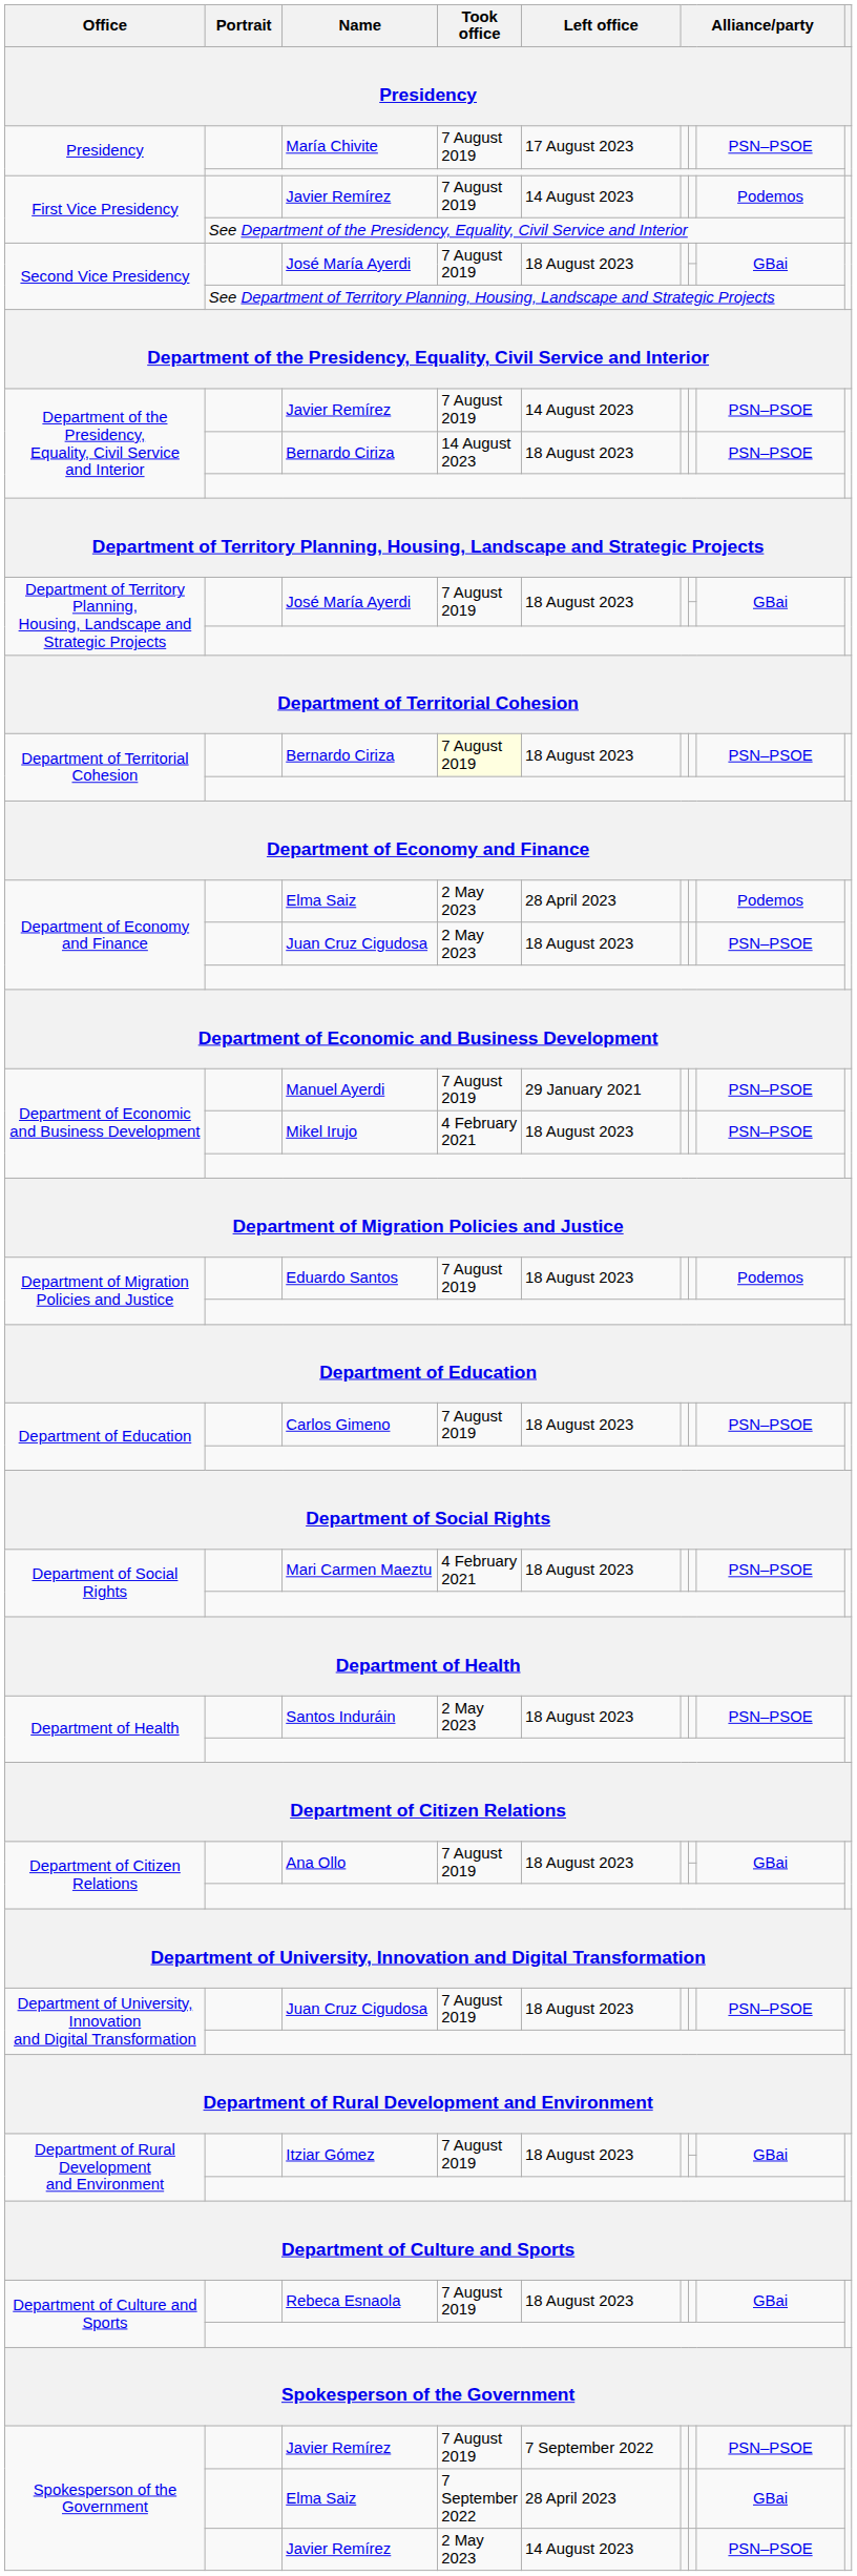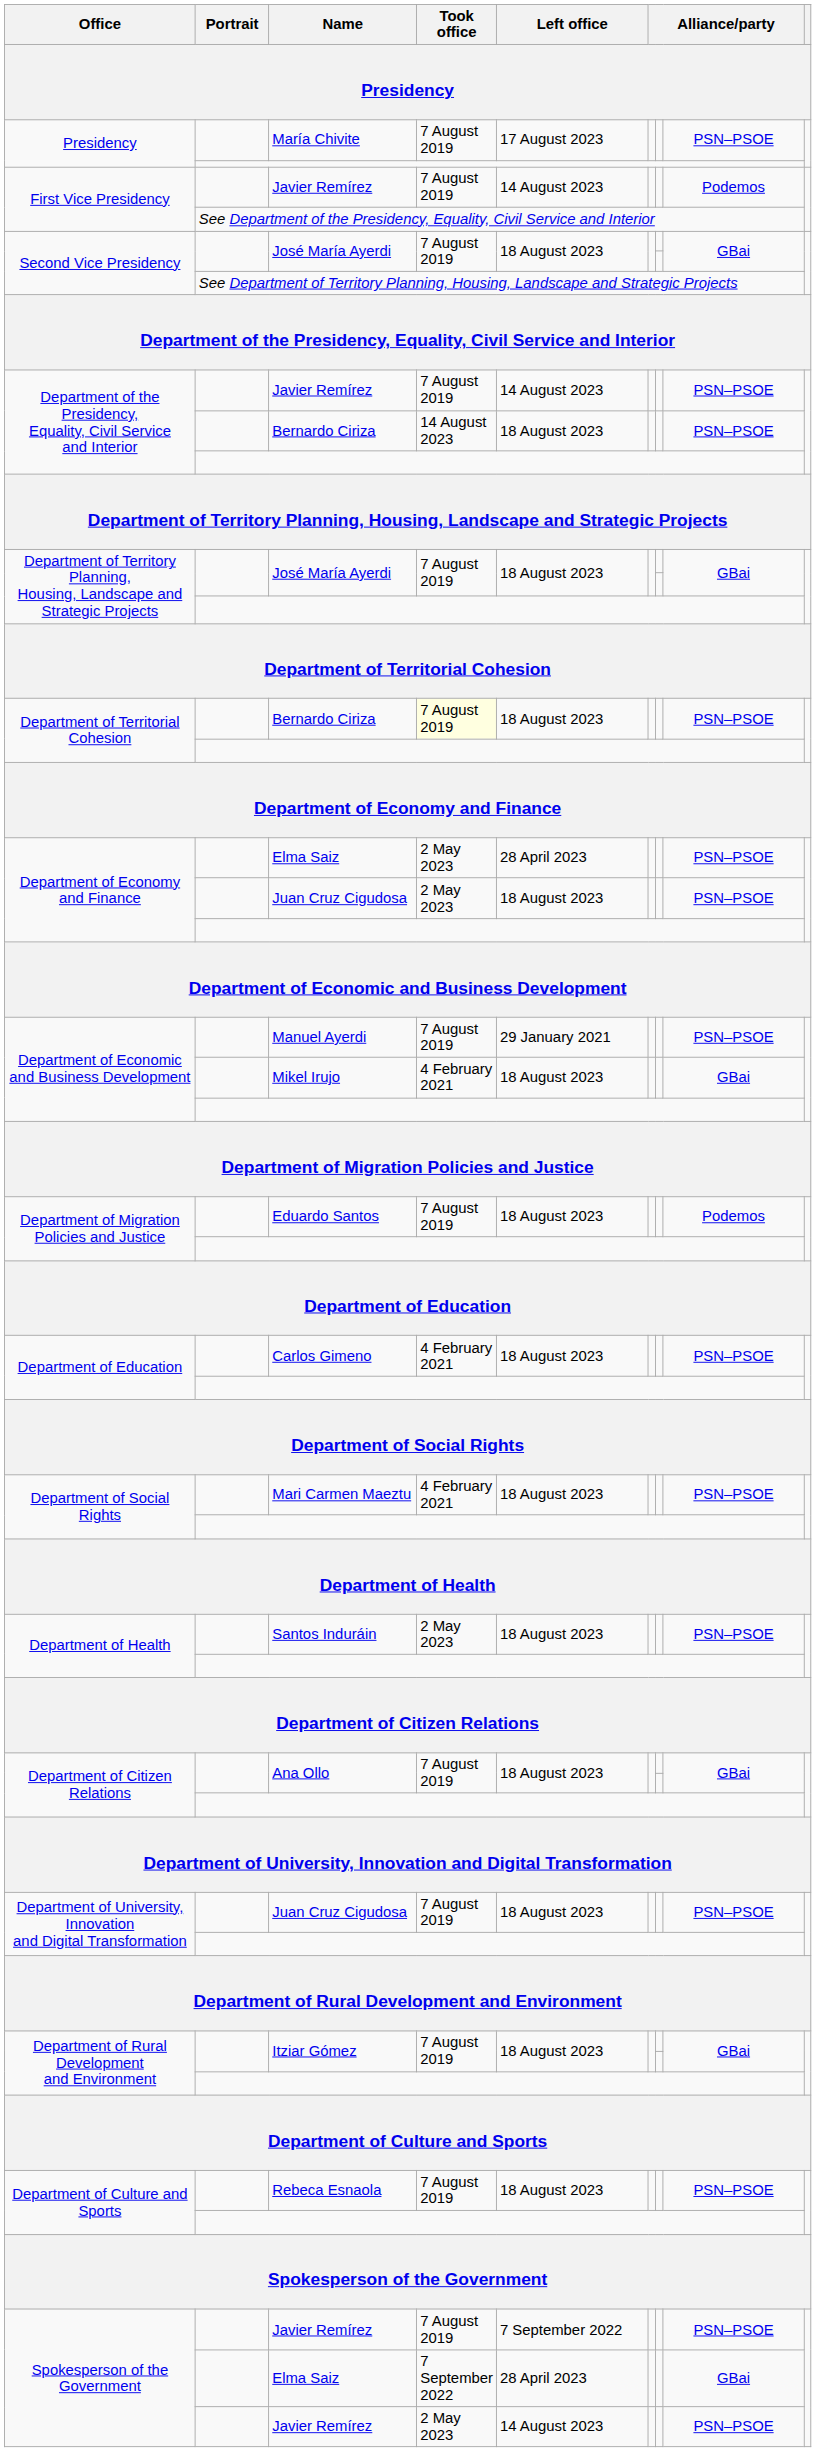 <table class="wikitable" style="line-height:18px;">
 <tr>
 <th scope="col">Office<br></th>
 <th scope="col">Portrait</th>
 <th scope="col">Name</th>
 <th scope="col">Took office</th>
 <th scope="col">Left office</th>
 <th colspan="3" scope="col">Alliance/party</th>
 <th></th>
 </tr>
 <tr>
 <th colspan="9"><br><h3><a href='#'>Presidency</a></h3></th>
 </tr>
 <tr>
 <td align="center" rowspan="2" width="250"><a href='#'>Presidency</a><br></td>
 <td width="80"></td>
 <td width="200"><a href='#'>María Chivite</a></td>
 <td>7 August 2019</td>
 <td width="200">17 August 2023</td>
 <td width="1" style="color:inherit;background-color:"></td>
 <td width="1" style="background-color:"></td>
 <td width="175" align="center"><a href='#'>PSN–PSOE</a></td>
 <td align="center" rowspan="2"></td>
 </tr>
 <tr>
 <td colspan="7"></td>
 </tr>
 <tr>
 <td align="center" rowspan="2"><a href='#'>First Vice Presidency</a><br></td>
 <td></td>
 <td><a href='#'>Javier Remírez</a></td>
 <td>7 August 2019</td>
 <td>14 August 2023<br></td>
 <td style="color:inherit;background-color:"></td>
 <td style="background-color:"></td>
 <td align="center"><a href='#'>Podemos</a></td>
 <td align="center" rowspan="2"></td>
 </tr>
 <tr>
 <td colspan="7"><em>See <a href='#'>Department of the Presidency, Equality, Civil Service and Interior</a></em></td>
 </tr>
 <tr>
 <td align="center" rowspan="3"><a href='#'>Second Vice Presidency</a><br></td>
 <td rowspan="2"></td>
 <td rowspan="2"><a href='#'>José María Ayerdi</a></td>
 <td rowspan="2">7 August 2019</td>
 <td rowspan="2">18 August 2023</td>
 <td rowspan="2" style="color:inherit;background-color:"></td>
 <td style="color:inherit;background-color:"></td>
 <td align="center" rowspan="2"><a href='#'>GBai</a><br></td>
 <td align="center" rowspan="3"></td>
 </tr>
 <tr>
 <td style="color:inherit;background-color:"></td>
 </tr>
 <tr>
 <td colspan="7"><em>See <a href='#'>Department of Territory Planning, Housing, Landscape and Strategic Projects</a></em></td>
 </tr>
 <tr>
 <th colspan="9"><br><h3><a href='#'>Department of the Presidency, Equality, Civil Service and Interior</a></h3></th>
 </tr>
 <tr>
 <td align="center" rowspan="3"><a href='#'>Department of the Presidency,<br>Equality, Civil Service<br>and Interior</a><br></td>
 <td></td>
 <td><a href='#'>Javier Remírez</a></td>
 <td>7 August 2019</td>
 <td>14 August 2023<br></td>
 <td style="color:inherit;background-color:"></td>
 <td style="background-color:"></td>
 <td align="center"><a href='#'>PSN–PSOE</a></td>
 <td align="center" rowspan="3"><br><br></td>
 </tr>
 <tr>
 <td></td>
 <td><a href='#'>Bernardo Ciriza</a><br></td>
 <td>14 August 2023</td>
 <td>18 August 2023</td>
 <td style="color:inherit;background-color:"></td>
 <td style="background-color:"></td>
 <td align="center"><a href='#'>PSN–PSOE</a></td>
 </tr>
 <tr>
 <td colspan="7"><br></td>
 </tr>
 <tr>
 <th colspan="9"><br><h3><a href='#'>Department of Territory Planning, Housing, Landscape and Strategic Projects</a></h3></th>
 </tr>
 <tr>
 <td align="center" rowspan="3"><a href='#'>Department of Territory Planning,<br>Housing, Landscape and<br>Strategic Projects</a><br></td>
 <td rowspan="2"></td>
 <td rowspan="2"><a href='#'>José María Ayerdi</a></td>
 <td rowspan="2">7 August 2019</td>
 <td rowspan="2">18 August 2023</td>
 <td rowspan="2" style="color:inherit;background-color:"></td>
 <td style="color:inherit;background-color:"></td>
 <td align="center" rowspan="2"><a href='#'>GBai</a><br></td>
 <td align="center" rowspan="3"><br></td>
 </tr>
 <tr>
 <td style="color:inherit;background-color:"></td>
 </tr>
 <tr>
 <td colspan="7"><br></td>
 </tr>
 <tr>
 <th colspan="9"><br><h3><a href='#'>Department of Territorial Cohesion</a></h3></th>
 </tr>
 <tr>
 <td align="center" rowspan="2"><a href='#'>Department of Territorial Cohesion</a><br></td>
 <td></td>
 <td><a href='#'>Bernardo Ciriza</a></td>
 <td style="background: lightyellow;">7 August 2019</td>
 <td>18 August 2023</td>
 <td style="color:inherit;background-color:"></td>
 <td style="background-color:"></td>
 <td align="center"><a href='#'>PSN–PSOE</a></td>
 <td align="center" rowspan="2"><br><br></td>
 </tr>
 <tr>
 <td colspan="7"><br></td>
 </tr>
 <tr>
 <th colspan="9"><br><h3><a href='#'>Department of Economy and Finance</a></h3></th>
 </tr>
 <tr>
 <td align="center" rowspan="3"><a href='#'>Department of Economy<br>and Finance</a><br></td>
 <td></td>
 <td><a href='#'>Elma Saiz</a></td>
 <td>2 May 2023</td>
 <td>28 April 2023<br></td>
 <td style="color:inherit;background-color:"></td>
 <td style="background-color:"></td>
-<td align="center"><a href='#'>Podemos</a></td>
+<td align="center"><a href='#'>PSN–PSOE</a></td>
 <td align="center" rowspan="3"><br><br><br><br></td>
 </tr>
 <tr>
 <td></td>
 <td><a href='#'>Juan Cruz Cigudosa</a><br></td>
 <td>2 May 2023</td>
 <td>18 August 2023</td>
 <td style="color:inherit;background-color:"></td>
 <td style="background-color:"></td>
 <td align="center"><a href='#'>PSN–PSOE</a></td>
 </tr>
 <tr>
 <td colspan="7"><br>  </td>
 </tr>
 <tr>
 <th colspan="9"><br><h3><a href='#'>Department of Economic and Business Development</a></h3></th>
 </tr>
 <tr>
 <td align="center" rowspan="3"><a href='#'>Department of Economic<br>and Business Development</a><br></td>
 <td></td>
 <td><a href='#'>Manuel Ayerdi</a></td>
 <td>7 August 2019</td>
 <td>29 January 2021<br></td>
 <td style="color:inherit;background-color:"></td>
 <td style="background-color:"></td>
 <td align="center"><a href='#'>PSN–PSOE</a></td>
 <td align="center" rowspan="3"><br><br></td>
 </tr>
 <tr>
 <td></td>
 <td><a href='#'>Mikel Irujo</a></td>
 <td>4 February 2021</td>
 <td>18 August 2023</td>
 <td style="color:inherit;background-color:"></td>
 <td style="background-color:"></td>
-<td align="center"><a href='#'>PSN–PSOE</a><br></td>
+<td align="center"><a href='#'>GBai</a><br></td>
 </tr>
 <tr>
 <td colspan="7"><br></td>
 </tr>
 <tr>
 <th colspan="9"><br><h3><a href='#'>Department of Migration Policies and Justice</a></h3></th>
 </tr>
 <tr>
 <td align="center" rowspan="2"><a href='#'>Department of Migration<br>Policies and Justice</a><br></td>
 <td></td>
 <td><a href='#'>Eduardo Santos</a></td>
 <td>7 August 2019</td>
 <td>18 August 2023</td>
 <td style="color:inherit;background-color:"></td>
 <td style="background-color:"></td>
 <td align="center"><a href='#'>Podemos</a></td>
 <td align="center" rowspan="2"><br></td>
 </tr>
 <tr>
 <td colspan="7"><br></td>
 </tr>
 <tr>
 <th colspan="9"><br><h3><a href='#'>Department of Education</a></h3></th>
 </tr>
 <tr>
 <td align="center" rowspan="2"><a href='#'>Department of Education</a><br></td>
 <td></td>
 <td><a href='#'>Carlos Gimeno</a></td>
-<td>7 August 2019</td>
+<td>4 February 2021</td>
 <td>18 August 2023</td>
 <td style="color:inherit;background-color:"></td>
 <td style="background-color:"></td>
 <td align="center"><a href='#'>PSN–PSOE</a></td>
 <td align="center" rowspan="2"><br></td>
 </tr>
 <tr>
 <td colspan="7"><br></td>
 </tr>
 <tr>
 <th colspan="9"><br><h3><a href='#'>Department of Social Rights</a></h3></th>
 </tr>
 <tr>
 <td align="center" rowspan="2"><a href='#'>Department of Social Rights</a><br></td>
 <td></td>
 <td><a href='#'>Mari Carmen Maeztu</a></td>
 <td>4 February 2021</td>
 <td>18 August 2023</td>
 <td style="color:inherit;background-color:"></td>
 <td style="background-color:"></td>
 <td align="center"><a href='#'>PSN–PSOE</a></td>
 <td align="center" rowspan="2"><br></td>
 </tr>
 <tr>
 <td colspan="7"><br></td>
 </tr>
 <tr>
 <th colspan="9"><br><h3><a href='#'>Department of Health</a></h3></th>
 </tr>
 <tr>
 <td align="center" rowspan="2"><a href='#'>Department of Health</a><br></td>
 <td></td>
 <td><a href='#'>Santos Induráin</a></td>
 <td>2 May 2023</td>
 <td>18 August 2023</td>
 <td style="color:inherit;background-color:"></td>
 <td style="background-color:"></td>
 <td align="center"><a href='#'>PSN–PSOE</a><br></td>
 <td align="center" rowspan="2"><br></td>
 </tr>
 <tr>
 <td colspan="7"><br></td>
 </tr>
 <tr>
 <th colspan="9"><br><h3><a href='#'>Department of Citizen Relations</a></h3></th>
 </tr>
 <tr>
 <td align="center" rowspan="3"><a href='#'>Department of Citizen Relations</a><br></td>
 <td rowspan="2"></td>
 <td rowspan="2"><a href='#'>Ana Ollo</a></td>
 <td rowspan="2">7 August 2019</td>
 <td rowspan="2">18 August 2023</td>
 <td rowspan="2" style="color:inherit;background-color:"></td>
 <td style="color:inherit;background-color:"></td>
 <td align="center" rowspan="2"><a href='#'>GBai</a><br></td>
 <td align="center" rowspan="3"><br></td>
 </tr>
 <tr>
 <td style="color:inherit;background-color:"></td>
 </tr>
 <tr>
 <td colspan="7"><br></td>
 </tr>
 <tr>
 <th colspan="9"><br><h3><a href='#'>Department of University, Innovation and Digital Transformation</a></h3></th>
 </tr>
 <tr>
 <td align="center" rowspan="2"><a href='#'>Department of University, Innovation<br>and Digital Transformation</a><br></td>
 <td></td>
 <td><a href='#'>Juan Cruz Cigudosa</a></td>
 <td>7 August 2019</td>
 <td>18 August 2023</td>
 <td style="color:inherit;background-color:"></td>
 <td style="background-color:"></td>
 <td align="center"><a href='#'>PSN–PSOE</a></td>
 <td align="center" rowspan="2"><br><br></td>
 </tr>
 <tr>
 <td colspan="7"><br></td>
 </tr>
 <tr>
 <th colspan="9"><br><h3><a href='#'>Department of Rural Development and Environment</a></h3></th>
 </tr>
 <tr>
 <td align="center" rowspan="3"><a href='#'>Department of Rural Development<br>and Environment</a><br></td>
 <td rowspan="2"></td>
 <td rowspan="2"><a href='#'>Itziar Gómez</a></td>
 <td rowspan="2">7 August 2019</td>
 <td rowspan="2">18 August 2023</td>
 <td rowspan="2" style="color:inherit;background-color:"></td>
 <td style="color:inherit;background-color:"></td>
 <td align="center" rowspan="2"><a href='#'>GBai</a><br></td>
 <td align="center" rowspan="3"><br></td>
 </tr>
 <tr>
 <td style="color:inherit;background-color:"></td>
 </tr>
 <tr>
 <td colspan="7"><br></td>
 </tr>
 <tr>
 <th colspan="9"><br><h3><a href='#'>Department of Culture and Sports</a></h3></th>
 </tr>
 <tr>
 <td align="center" rowspan="2"><a href='#'>Department of Culture and Sports</a><br></td>
 <td></td>
 <td><a href='#'>Rebeca Esnaola</a></td>
 <td>7 August 2019</td>
 <td>18 August 2023</td>
 <td style="color:inherit;background-color:"></td>
 <td style="background-color:"></td>
-<td align="center"><a href='#'>GBai</a><br></td>
+<td align="center"><a href='#'>PSN–PSOE</a><br></td>
 <td align="center" rowspan="2"><br></td>
 </tr>
 <tr>
 <td colspan="7"><br></td>
 </tr>
 <tr>
 <th colspan="9"><br><h3><a href='#'>Spokesperson of the Government</a></h3></th>
 </tr>
 <tr>
 <td align="center" rowspan="3"><a href='#'>Spokesperson of the Government</a><br></td>
 <td></td>
 <td><a href='#'>Javier Remírez</a></td>
 <td>7 August 2019</td>
 <td>7 September 2022</td>
 <td style="color:inherit;background-color:"></td>
 <td style="background-color:"></td>
 <td align="center"><a href='#'>PSN–PSOE</a></td>
 <td align="center" rowspan="3"></td>
 </tr>
 <tr>
 <td></td>
 <td><a href='#'>Elma Saiz</a></td>
 <td>7 September 2022</td>
 <td>28 April 2023<br></td>
 <td style="color:inherit;background-color:"></td>
 <td style="background-color:"></td>
 <td align="center"><a href='#'>GBai</a><br></td>
 </tr>
 <tr>
 <td></td>
 <td><a href='#'>Javier Remírez</a></td>
 <td>2 May 2023</td>
 <td>14 August 2023<br></td>
 <td style="color:inherit;background-color:"></td>
 <td style="background-color:"></td>
 <td align="center"><a href='#'>PSN–PSOE</a></td>
 </tr>
 </table>
